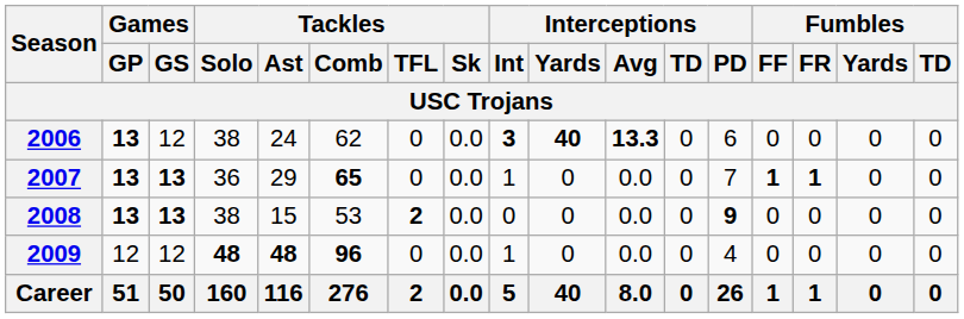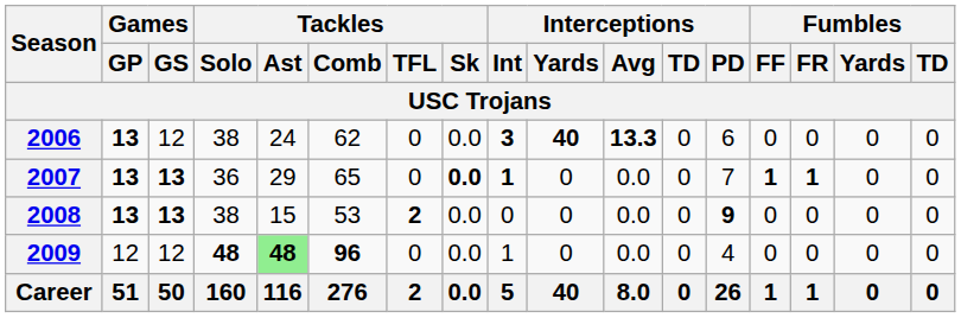 <table class="wikitable" style="text-align:center;">
 <tr>
 <th rowspan="2">Season</th>
 <th colspan="2">Games</th>
 <th colspan="5">Tackles</th>
 <th colspan="5">Interceptions</th>
 <th colspan="4">Fumbles</th>
 </tr>
 <tr>
 <th>GP</th>
 <th>GS</th>
 <th>Solo</th>
 <th>Ast</th>
 <th>Comb</th>
 <th>TFL</th>
 <th>Sk</th>
 <th>Int</th>
 <th>Yards</th>
 <th>Avg</th>
 <th>TD</th>
 <th>PD</th>
 <th>FF</th>
 <th>FR</th>
 <th>Yards</th>
 <th>TD</th>
 </tr>
 <tr>
 <th colspan="17">USC Trojans</th>
 </tr>
 <tr>
 <th><a href='#'>2006</a></th>
 <td><strong>13</strong></td>
 <td>12</td>
 <td>38</td>
 <td>24</td>
 <td>62</td>
 <td>0</td>
 <td>0.0</td>
 <td><strong>3</strong></td>
 <td><strong>40</strong></td>
 <td><strong>13.3</strong></td>
 <td>0</td>
 <td>6</td>
 <td>0</td>
 <td>0</td>
 <td>0</td>
 <td>0</td>
 </tr>
 <tr>
 <th><a href='#'>2007</a></th>
 <td><strong>13</strong></td>
 <td><strong>13</strong></td>
 <td>36</td>
 <td>29</td>
-<td><strong>65</strong></td>
+<td>65</td>
 <td>0</td>
-<td>0.0</td>
-<td>1</td>
+<td><strong>0.0</strong></td>
+<td><strong>1</strong></td>
 <td>0</td>
 <td>0.0</td>
 <td>0</td>
 <td>7</td>
 <td><strong>1</strong></td>
 <td><strong>1</strong></td>
 <td>0</td>
 <td>0</td>
 </tr>
 <tr>
 <th><a href='#'>2008</a></th>
 <td><strong>13</strong></td>
 <td><strong>13</strong></td>
 <td>38</td>
 <td>15</td>
 <td>53</td>
 <td><strong>2</strong></td>
 <td>0.0</td>
 <td>0</td>
 <td>0</td>
 <td>0.0</td>
 <td>0</td>
 <td><strong>9</strong></td>
 <td>0</td>
 <td>0</td>
 <td>0</td>
 <td>0</td>
 </tr>
 <tr>
 <th><a href='#'>2009</a></th>
 <td>12</td>
 <td>12</td>
 <td><strong>48</strong></td>
-<td><strong>48</strong></td>
+<td style="background: lightgreen;"><strong>48</strong></td>
 <td><strong>96</strong></td>
 <td>0</td>
 <td>0.0</td>
 <td>1</td>
 <td>0</td>
 <td>0.0</td>
 <td>0</td>
 <td>4</td>
 <td>0</td>
 <td>0</td>
 <td>0</td>
 <td>0</td>
 </tr>
 <tr>
 <th>Career</th>
 <th>51</th>
 <th>50</th>
 <th>160</th>
 <th>116</th>
 <th>276</th>
 <th>2</th>
 <th>0.0</th>
 <th>5</th>
 <th>40</th>
 <th>8.0</th>
 <th>0</th>
 <th>26</th>
 <th>1</th>
 <th>1</th>
 <th>0</th>
 <th>0</th>
 </tr>
 </table>
